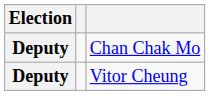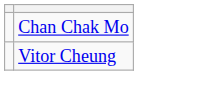 <table class="wikitable">
 <tr>
-<th>Election</th>
 <th style="width:1px;"></th>
 <th></th>
 </tr>
 <tr>
-<th>Deputy</th>
 <td width=1px style="background-color: "></td>
 <td colspan = 1><a href='#'>Chan Chak Mo</a></td>
 </tr>
 <tr>
-<th>Deputy</th>
 <td width=1px style="background-color: "></td>
 <td colspan = 1><a href='#'>Vitor Cheung</a></td>
 </tr>
 </table>
